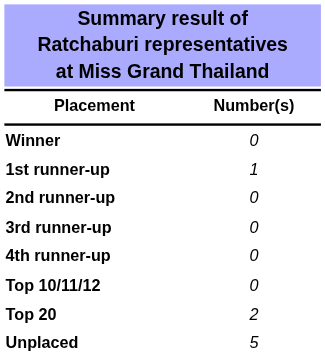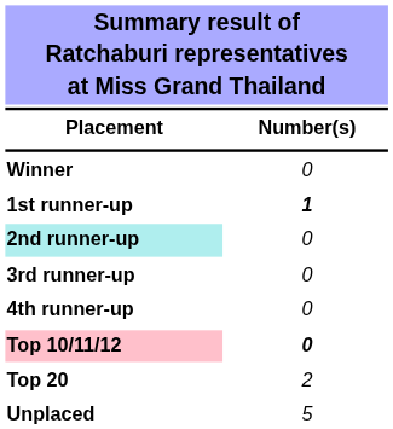 <table style="width: 270px; font-size:85%; line-height:1.5em;">
 <tr>
 <th colspan="2" align="center" style="background:#AAF;"><big>Summary result of<br>Ratchaburi representatives<br>at Miss Grand Thailand</big></th>
 </tr>
 <tr>
 <td colspan="2" style="background:black"></td>
 </tr>
 <tr>
 <th scope="col">Placement</th>
 <th scope="col">Number(s)</th>
 </tr>
 <tr>
 <td colspan="2" style="background:black"></td>
 </tr>
 <tr>
 <td align="left"><strong>Winner</strong></td>
 <td align="center"><em>0</em></td>
 </tr>
 <tr>
 <td align="left"><strong>1st runner-up</strong></td>
-<td align="center"><em>1</em></td>
+<td align="center"><strong><em>1</em></strong></td>
 </tr>
 <tr>
-<td align="left"><strong>2nd runner-up</strong></td>
+<td align="left" style="background: paleturquoise;"><strong>2nd runner-up</strong></td>
 <td align="center"><em>0</em></td>
 </tr>
 <tr>
 <td align="left"><strong>3rd runner-up</strong></td>
 <td align="center"><em>0</em></td>
 </tr>
 <tr>
 <td align="left"><strong>4th runner-up</strong></td>
 <td align="center"><em>0</em></td>
 </tr>
 <tr>
-<td align="left"><strong>Top 10/11/12</strong></td>
-<td align="center"><em>0</em></td>
+<td align="left" style="background: pink;"><strong>Top 10/11/12</strong></td>
+<td align="center"><strong><em>0</em></strong></td>
 </tr>
 <tr>
 <td align="left"><strong>Top 20</strong></td>
 <td align="center"><em>2</em></td>
 </tr>
 <tr>
 <td align="left"><strong>Unplaced</strong></td>
 <td align="center"><em>5</em></td>
 </tr>
 </table>
